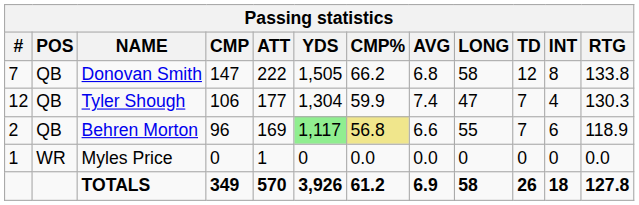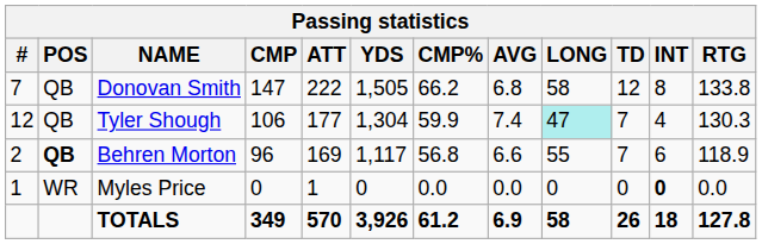 <table class="wikitable collapsible collapsed">
 <tr>
 <th colspan="12">Passing statistics</th>
 </tr>
 <tr>
 <th>#</th>
 <th>POS</th>
 <th>NAME</th>
 <th>CMP</th>
 <th>ATT</th>
 <th>YDS</th>
 <th>CMP%</th>
 <th>AVG</th>
 <th>LONG</th>
 <th>TD</th>
 <th>INT</th>
 <th>RTG</th>
 </tr>
 <tr>
 <td>7</td>
 <td>QB</td>
 <td><a href='#'>Donovan Smith</a></td>
 <td>147</td>
 <td>222</td>
 <td>1,505</td>
 <td>66.2</td>
 <td>6.8</td>
 <td>58</td>
 <td>12</td>
 <td>8</td>
 <td>133.8</td>
 </tr>
 <tr>
 <td>12</td>
 <td>QB</td>
 <td><a href='#'>Tyler Shough</a></td>
 <td>106</td>
 <td>177</td>
 <td>1,304</td>
 <td>59.9</td>
 <td>7.4</td>
-<td>47</td>
+<td style="background: paleturquoise;">47</td>
 <td>7</td>
 <td>4</td>
 <td>130.3</td>
 </tr>
 <tr>
 <td>2</td>
-<td>QB</td>
+<td><strong>QB</strong></td>
 <td><a href='#'>Behren Morton</a></td>
 <td>96</td>
 <td>169</td>
-<td style="background: lightgreen;">1,117</td>
-<td style="background: khaki;">56.8</td>
+<td>1,117</td>
+<td>56.8</td>
 <td>6.6</td>
 <td>55</td>
 <td>7</td>
 <td>6</td>
 <td>118.9</td>
 </tr>
 <tr>
 <td>1</td>
 <td>WR</td>
 <td>Myles Price</td>
 <td>0</td>
 <td>1</td>
 <td>0</td>
 <td>0.0</td>
 <td>0.0</td>
 <td>0</td>
 <td>0</td>
-<td>0</td>
+<td><strong>0</strong></td>
 <td>0.0</td>
 </tr>
 <tr>
 <td></td>
 <td></td>
 <td><strong>TOTALS</strong></td>
 <td><strong>349</strong></td>
 <td><strong>570</strong></td>
 <td><strong>3,926</strong></td>
 <td><strong>61.2</strong></td>
 <td><strong>6.9</strong></td>
 <td><strong>58</strong></td>
 <td><strong>26</strong></td>
 <td><strong>18</strong></td>
 <td><strong>127.8</strong></td>
 </tr>
 </table>
